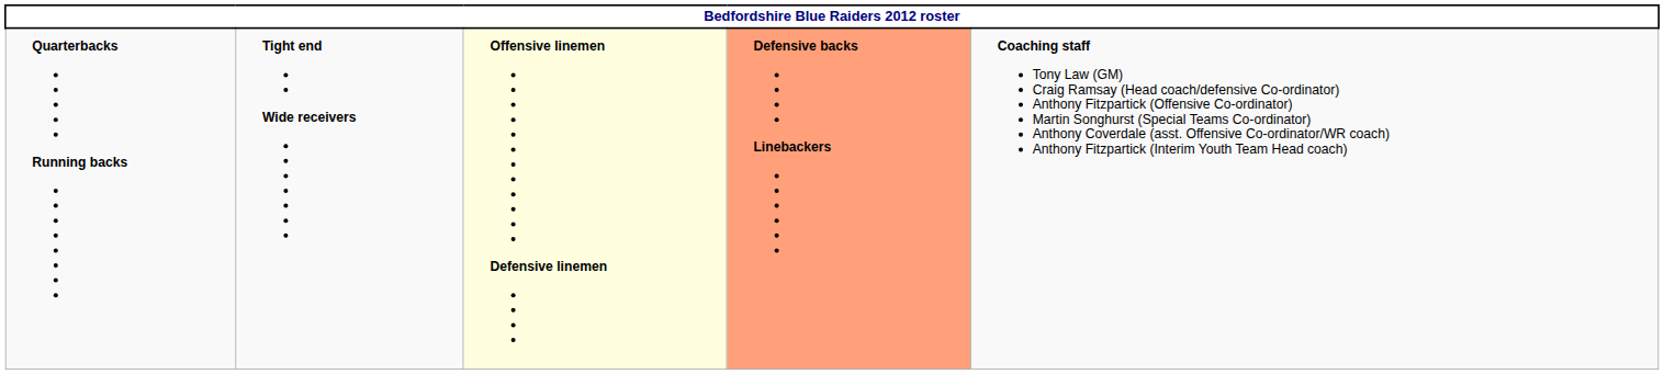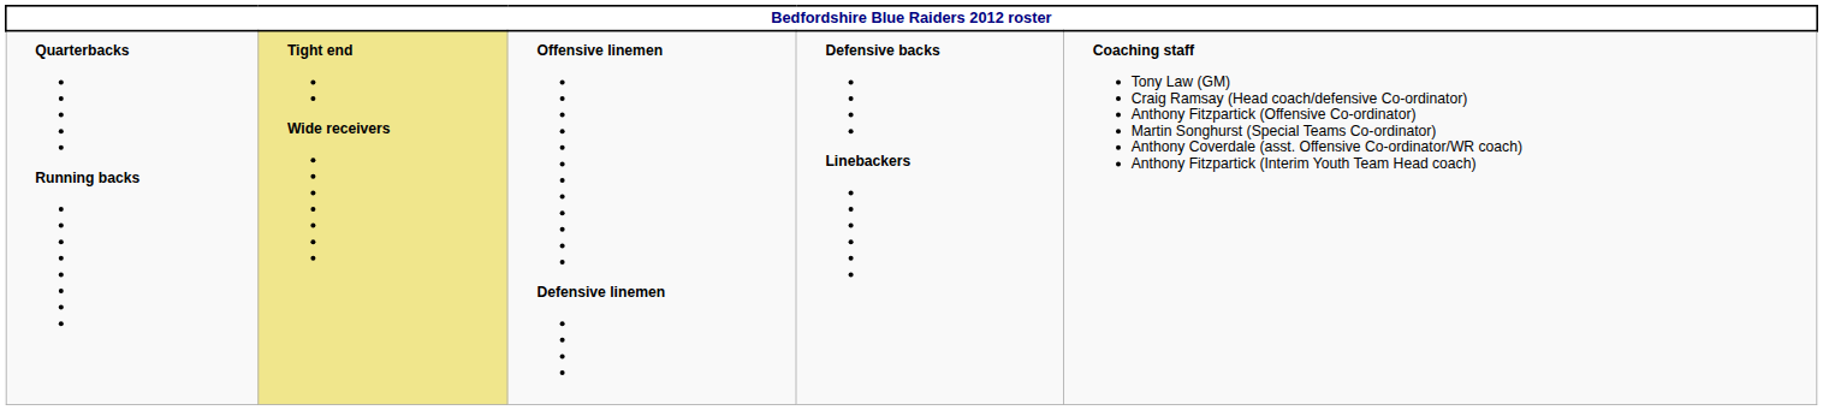 <table class="wikitable" style="text-align: left; width: 95%; border: solid black 1px;">
 <tr>
 <th colspan=10 style="background-color: white; text-align: center; border: solid black 2px; color: navy;">Bedfordshire Blue Raiders 2012 roster</th>
 </tr>
 <tr>
 <td style="font-size: 95%; padding: 10px 30px;" valign="top"><strong>Quarterbacks</strong><br><ul><li></li><li></li><li></li><li></li><li></li></ul><strong>Running backs</strong><ul><li></li><li></li><li></li><li></li><li></li><li></li><li></li><li></li></ul></td>
-<td style="font-size: 95%; padding: 10px 30px;" valign="top"><strong>Tight end</strong><br><ul><li></li><li></li></ul><strong>Wide receivers</strong><ul><li></li><li></li><li></li><li></li><li></li><li></li><li></li></ul></td>
-<td style="background: lightyellow; font-size: 95%; padding: 10px 30px;" valign="top"><strong>Offensive linemen</strong><br><ul><li></li><li></li><li></li><li></li><li></li><li></li><li></li><li></li><li></li><li></li><li></li><li></li></ul><strong>Defensive linemen</strong><ul><li></li><li></li><li></li><li></li></ul></td>
-<td style="background: lightsalmon; font-size: 95%; padding: 10px 30px;" valign="top"><strong>Defensive backs</strong><br><ul><li></li><li></li><li></li><li></li></ul><strong>Linebackers</strong><ul><li></li><li></li><li></li><li></li><li></li><li></li></ul></td>
+<td style="background: khaki; font-size: 95%; padding: 10px 30px;" valign="top"><strong>Tight end</strong><br><ul><li></li><li></li></ul><strong>Wide receivers</strong><ul><li></li><li></li><li></li><li></li><li></li><li></li><li></li></ul></td>
+<td style="font-size: 95%; padding: 10px 30px;" valign="top"><strong>Offensive linemen</strong><br><ul><li></li><li></li><li></li><li></li><li></li><li></li><li></li><li></li><li></li><li></li><li></li><li></li></ul><strong>Defensive linemen</strong><ul><li></li><li></li><li></li><li></li></ul></td>
+<td style="font-size: 95%; padding: 10px 30px;" valign="top"><strong>Defensive backs</strong><br><ul><li></li><li></li><li></li><li></li></ul><strong>Linebackers</strong><ul><li></li><li></li><li></li><li></li><li></li><li></li></ul></td>
 <td style="font-size: 95%; padding: 10px 30px;" valign="top"><strong>Coaching staff</strong><br><ul><li>Tony Law (GM)</li><li>Craig Ramsay (Head coach/defensive Co-ordinator)</li><li>Anthony Fitzpartick (Offensive Co-ordinator)</li><li>Martin Songhurst (Special Teams Co-ordinator)</li><li>Anthony Coverdale (asst. Offensive Co-ordinator/WR coach)</li><li>Anthony Fitzpartick (Interim Youth Team Head coach)</li></ul></td>
 </tr>
 </table>
